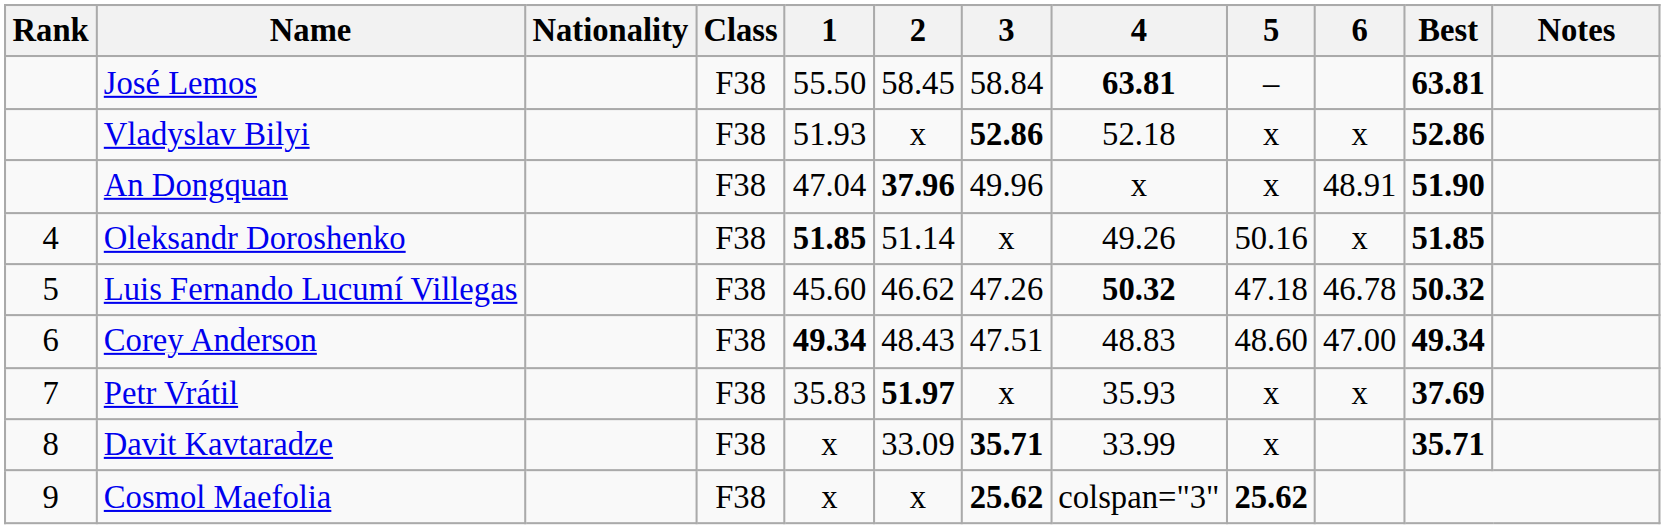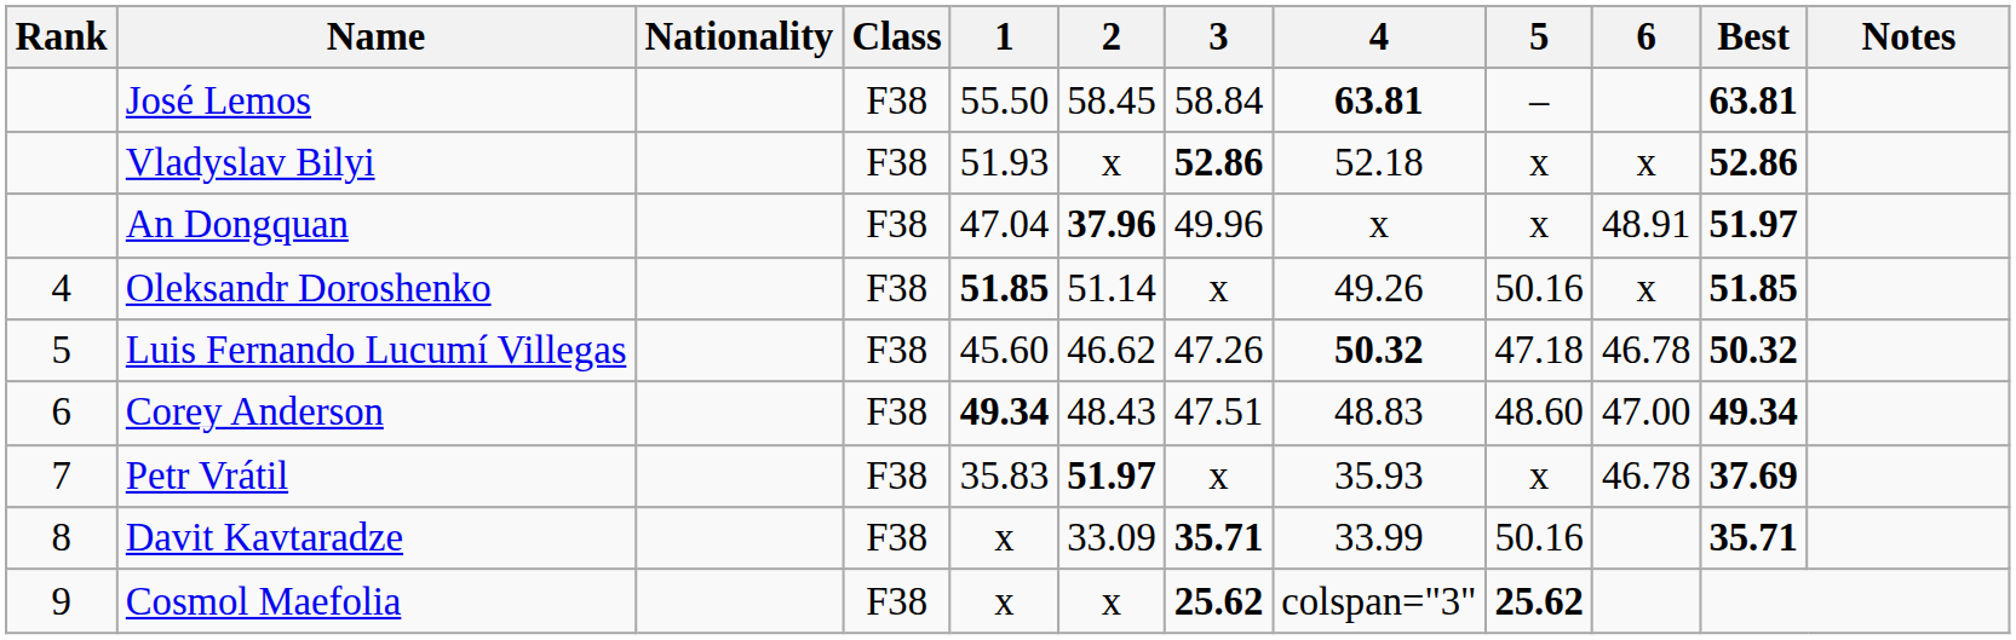 <table class="nowrap wikitable sortable" style=" text-align:center">
 <tr>
 <th width="30">Rank</th>
 <th>Name</th>
 <th>Nationality</th>
 <th width="30">Class</th>
 <th width="30">1</th>
 <th width="30">2</th>
 <th width="30">3</th>
 <th width="30">4</th>
 <th width="30">5</th>
 <th width="30">6</th>
 <th width="30">Best</th>
 <th width="75">Notes</th>
 </tr>
 <tr>
 <td></td>
 <td align="left"><a href='#'>José Lemos</a></td>
 <td align="left"></td>
 <td>F38</td>
 <td>55.50</td>
 <td>58.45</td>
 <td>58.84</td>
 <td><strong>63.81</strong></td>
 <td>–</td>
 <td></td>
 <td><strong>63.81</strong></td>
 <td><strong></strong></td>
 </tr>
 <tr>
 <td></td>
 <td align="left"><a href='#'>Vladyslav Bilyi</a></td>
 <td align="left"></td>
 <td>F38</td>
 <td>51.93</td>
 <td>x</td>
 <td><strong>52.86</strong></td>
 <td>52.18</td>
 <td>x</td>
 <td>x</td>
 <td><strong>52.86</strong></td>
 <td></td>
 </tr>
 <tr>
 <td></td>
 <td align="left"><a href='#'>An Dongquan</a></td>
 <td align="left"></td>
 <td>F38</td>
 <td>47.04</td>
 <td><strong>37.96</strong></td>
 <td>49.96</td>
 <td>x</td>
 <td>x</td>
 <td>48.91</td>
-<td><strong>51.90</strong></td>
+<td><strong>51.97</strong></td>
 <td></td>
 </tr>
 <tr>
 <td>4</td>
 <td align="left"><a href='#'>Oleksandr Doroshenko</a></td>
 <td align="left"></td>
 <td>F38</td>
 <td><strong>51.85</strong></td>
 <td>51.14</td>
 <td>x</td>
 <td>49.26</td>
 <td>50.16</td>
 <td>x</td>
 <td><strong>51.85</strong></td>
 <td></td>
 </tr>
 <tr>
 <td>5</td>
 <td align="left"><a href='#'>Luis Fernando Lucumí Villegas</a></td>
 <td align="left"></td>
 <td>F38</td>
 <td>45.60</td>
 <td>46.62</td>
 <td>47.26</td>
 <td><strong>50.32</strong></td>
 <td>47.18</td>
 <td>46.78</td>
 <td><strong>50.32</strong></td>
 <td></td>
 </tr>
 <tr>
 <td>6</td>
 <td align="left"><a href='#'>Corey Anderson</a></td>
 <td align="left"></td>
 <td>F38</td>
 <td><strong>49.34</strong></td>
 <td>48.43</td>
 <td>47.51</td>
 <td>48.83</td>
 <td>48.60</td>
 <td>47.00</td>
 <td><strong>49.34</strong></td>
 <td></td>
 </tr>
 <tr>
 <td>7</td>
 <td align="left"><a href='#'>Petr Vrátil</a></td>
 <td align="left"></td>
 <td>F38</td>
 <td>35.83</td>
 <td><strong>51.97</strong></td>
 <td>x</td>
 <td>35.93</td>
 <td>x</td>
-<td>x</td>
+<td>46.78</td>
 <td><strong>37.69</strong></td>
 <td></td>
 </tr>
 <tr>
 <td>8</td>
 <td align="left"><a href='#'>Davit Kavtaradze</a></td>
 <td align="left"></td>
 <td>F38</td>
 <td>x</td>
 <td>33.09</td>
 <td><strong>35.71</strong></td>
 <td>33.99</td>
-<td>x</td>
+<td>50.16</td>
 <td></td>
 <td><strong>35.71</strong></td>
 <td></td>
 </tr>
 <tr>
 <td>9</td>
 <td align="left"><a href='#'>Cosmol Maefolia</a></td>
 <td align="left"></td>
 <td>F38</td>
 <td>x</td>
 <td>x</td>
 <td><strong>25.62</strong></td>
 <td>colspan="3" </td>
 <td><strong>25.62</strong></td>
 <td></td>
 </tr>
 </table>
